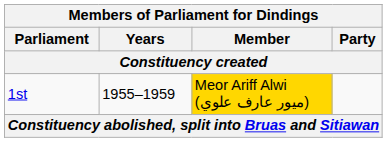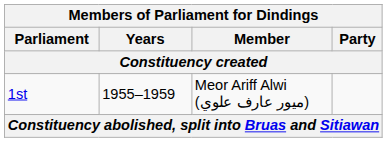 <table class="wikitable">
 <tr>
 <th colspan="4">Members of Parliament for Dindings</th>
 </tr>
 <tr>
 <th>Parliament</th>
 <th>Years</th>
 <th>Member</th>
 <th>Party</th>
 </tr>
 <tr>
 <th colspan="4"><em>Constituency created</em></th>
 </tr>
 <tr>
 <td><a href='#'>1st</a></td>
 <td>1955–1959</td>
-<td style="background: gold;">Meor Ariff Alwi  <br>(ميور عارف علوي)</td>
+<td>Meor Ariff Alwi  <br>(ميور عارف علوي)</td>
 <td></td>
 </tr>
 <tr>
 <th colspan="4"><em>Constituency abolished, split into <a href='#'>Bruas</a> and <a href='#'>Sitiawan</a></em></th>
 </tr>
 </table>
